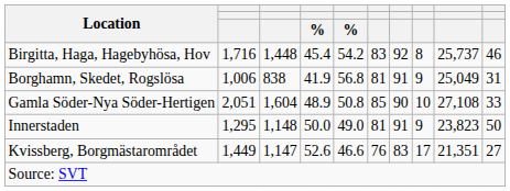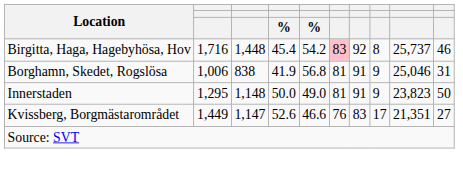 <table role="presentation" class="wikitable sortable mw-collapsible">
 <tr>
 <th rowspan="3">Location</th>
 <th></th>
 <th></th>
 <th></th>
 <th></th>
 <th></th>
 <th></th>
 <th></th>
 <th></th>
 <th></th>
 </tr>
 <tr>
 <th></th>
 <th></th>
 <th style="background:"></th>
 <th style="background:"></th>
 <th></th>
 <th></th>
 <th></th>
 <th></th>
 <th></th>
 </tr>
 <tr>
 <th data-sort-type="number"></th>
 <th data-sort-type="number"></th>
 <th data-sort-type="number">%</th>
 <th data-sort-type="number">%</th>
 <th data-sort-type="number"></th>
 <th data-sort-type="number"></th>
 <th data-sort-type="number"></th>
 <th data-sort-type="number"></th>
 <th data-sort-type="number"></th>
 </tr>
 <tr>
 <td align="left">Birgitta, Haga, Hagebyhösa, Hov</td>
 <td>1,716</td>
 <td>1,448</td>
 <td>45.4</td>
 <td>54.2</td>
-<td>83</td>
+<td style="background: pink;">83</td>
 <td>92</td>
 <td>8</td>
 <td>25,737</td>
 <td>46</td>
 </tr>
 <tr>
 <td align="left">Borghamn, Skedet, Rogslösa</td>
 <td>1,006</td>
 <td>838</td>
 <td>41.9</td>
 <td>56.8</td>
 <td>81</td>
 <td>91</td>
 <td>9</td>
-<td>25,049</td>
+<td>25,046</td>
 <td>31</td>
-</tr>
-<tr>
-<td align="left">Gamla Söder-Nya Söder-Hertigen</td>
-<td>2,051</td>
-<td>1,604</td>
-<td>48.9</td>
-<td>50.8</td>
-<td>85</td>
-<td>90</td>
-<td>10</td>
-<td>27,108</td>
-<td>33</td>
 </tr>
 <tr>
 <td align="left">Innerstaden</td>
 <td>1,295</td>
 <td>1,148</td>
 <td>50.0</td>
 <td>49.0</td>
 <td>81</td>
 <td>91</td>
 <td>9</td>
 <td>23,823</td>
 <td>50</td>
 </tr>
 <tr>
 <td align="left">Kvissberg, Borgmästarområdet</td>
 <td>1,449</td>
 <td>1,147</td>
 <td>52.6</td>
 <td>46.6</td>
 <td>76</td>
 <td>83</td>
 <td>17</td>
 <td>21,351</td>
 <td>27</td>
 </tr>
 <tr>
 <td colspan="10" align="left">Source: <a href='#'>SVT</a></td>
 </tr>
 </table>
